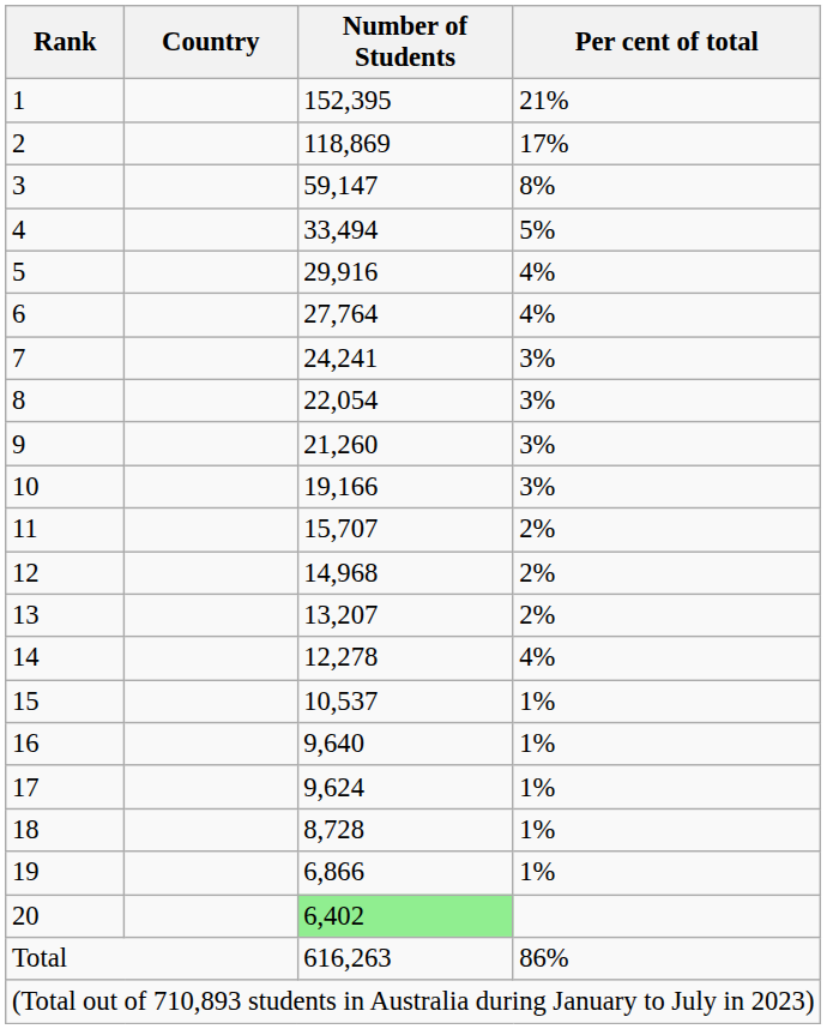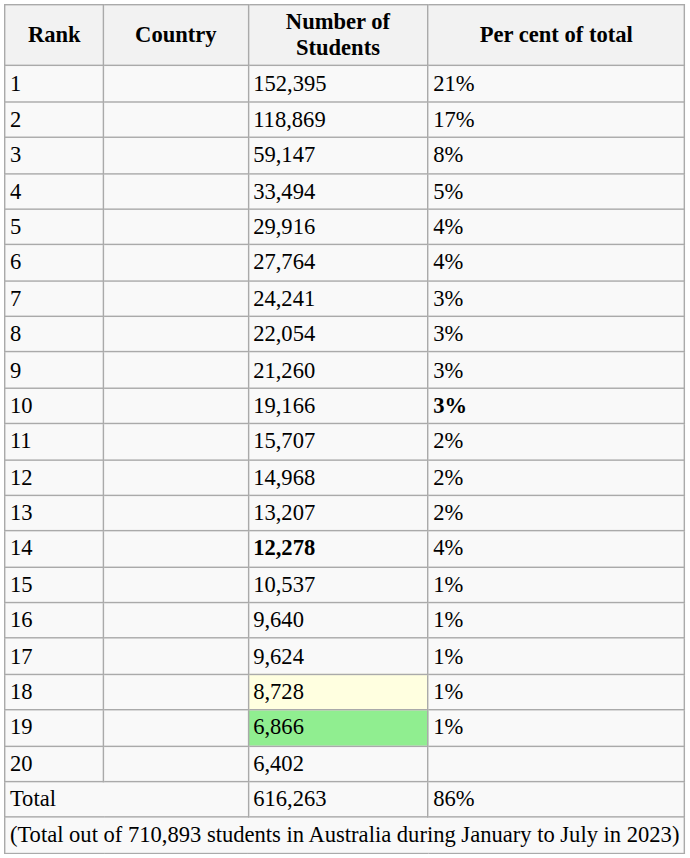 <table class="wikitable sortable">
 <tr>
 <th>Rank</th>
 <th>Country</th>
 <th>Number of<br>Students</th>
 <th>Per cent of total</th>
 </tr>
 <tr>
 <td>1</td>
 <td></td>
 <td>152,395</td>
 <td>21%</td>
 </tr>
 <tr>
 <td>2</td>
 <td></td>
 <td>118,869</td>
 <td>17%</td>
 </tr>
 <tr>
 <td>3</td>
 <td></td>
 <td>59,147</td>
 <td>8%</td>
 </tr>
 <tr>
 <td>4</td>
 <td></td>
 <td>33,494</td>
 <td>5%</td>
 </tr>
 <tr>
 <td>5</td>
 <td></td>
 <td>29,916</td>
 <td>4%</td>
 </tr>
 <tr>
 <td>6</td>
 <td></td>
 <td>27,764</td>
 <td>4%</td>
 </tr>
 <tr>
 <td>7</td>
 <td></td>
 <td>24,241</td>
 <td>3%</td>
 </tr>
 <tr>
 <td>8</td>
 <td></td>
 <td>22,054</td>
 <td>3%</td>
 </tr>
 <tr>
 <td>9</td>
 <td></td>
 <td>21,260</td>
 <td>3%</td>
 </tr>
 <tr>
 <td>10</td>
 <td></td>
 <td>19,166</td>
-<td>3%</td>
+<td><strong>3%</strong></td>
 </tr>
 <tr>
 <td>11</td>
 <td></td>
 <td>15,707</td>
 <td>2%</td>
 </tr>
 <tr>
 <td>12</td>
 <td></td>
 <td>14,968</td>
 <td>2%</td>
 </tr>
 <tr>
 <td>13</td>
 <td></td>
 <td>13,207</td>
 <td>2%</td>
 </tr>
 <tr>
 <td>14</td>
 <td></td>
-<td>12,278</td>
+<td><strong>12,278</strong></td>
 <td>4%</td>
 </tr>
 <tr>
 <td>15</td>
 <td></td>
 <td>10,537</td>
 <td>1%</td>
 </tr>
 <tr>
 <td>16</td>
 <td></td>
 <td>9,640</td>
 <td>1%</td>
 </tr>
 <tr>
 <td>17</td>
 <td></td>
 <td>9,624</td>
 <td>1%</td>
 </tr>
 <tr>
 <td>18</td>
 <td></td>
-<td>8,728</td>
+<td style="background: lightyellow;">8,728</td>
 <td>1%</td>
 </tr>
 <tr>
 <td>19</td>
 <td></td>
-<td>6,866</td>
+<td style="background: lightgreen;">6,866</td>
 <td>1%</td>
 </tr>
 <tr>
 <td>20</td>
 <td></td>
-<td style="background: lightgreen;">6,402</td>
+<td>6,402</td>
 <td></td>
 </tr>
 <tr>
 <td colspan="2">Total</td>
 <td>616,263</td>
 <td>86%</td>
 </tr>
 <tr>
 <td colspan="4">(Total out of 710,893 students in Australia during January to July in 2023)</td>
 </tr>
 </table>
